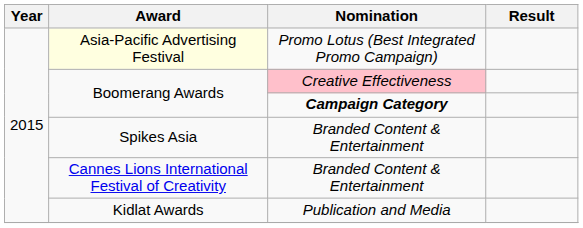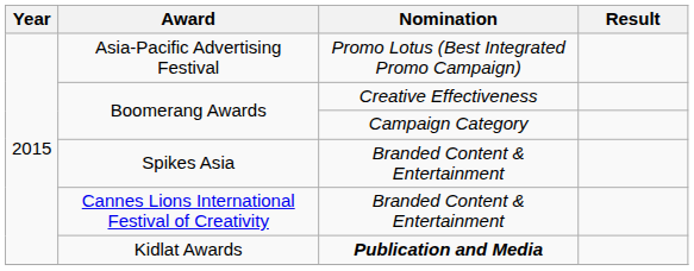 <table class="wikitable">
 <tr>
 <th width="40">Year</th>
 <th width="225">Award</th>
 <th width="225">Nomination</th>
 <th width="90">Result</th>
 </tr>
 <tr>
 <td align="center" rowspan="6">2015</td>
-<td align="center" style="background: lightyellow;">Asia-Pacific Advertising Festival</td>
+<td align="center">Asia-Pacific Advertising Festival</td>
 <td align="center"><em>Promo Lotus (Best Integrated Promo Campaign)</em></td>
 <td></td>
 </tr>
 <tr>
 <td align="center" rowspan="2">Boomerang Awards</td>
-<td align="center" style="background: pink;"><em>Creative Effectiveness</em></td>
+<td align="center"><em>Creative Effectiveness</em></td>
 <td></td>
 </tr>
 <tr>
-<td align="center"><strong><em>Campaign Category</em></strong></td>
+<td align="center"><em>Campaign Category</em></td>
 <td></td>
 </tr>
 <tr>
 <td align="center">Spikes Asia</td>
 <td align="center"><em>Branded Content & Entertainment</em></td>
 <td></td>
 </tr>
 <tr>
 <td align="center"><a href='#'>Cannes Lions International Festival of Creativity</a></td>
 <td align="center"><em>Branded Content & Entertainment</em></td>
 <td></td>
 </tr>
 <tr>
 <td align="center">Kidlat Awards</td>
-<td align="center"><em>Publication and Media</em></td>
+<td align="center"><strong><em>Publication and Media</em></strong></td>
 <td></td>
 </tr>
 <tr>
 </tr>
 </table>
